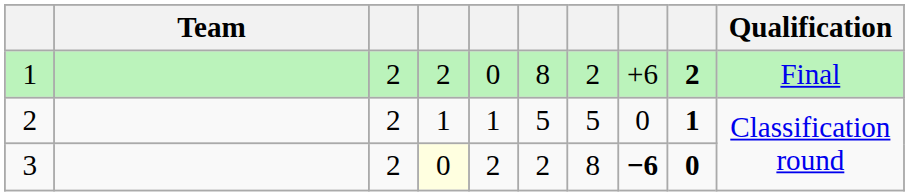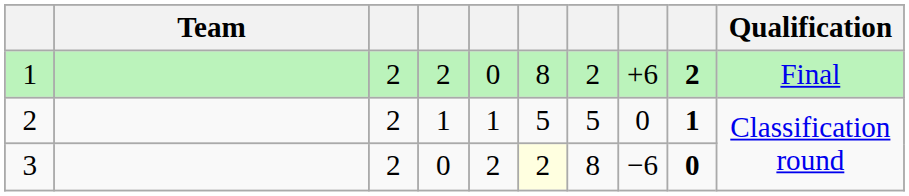 <table class="wikitable" style="text-align:center;">
 <tr>
 <th width=20></th>
 <th width=165>Team</th>
 <th width=20></th>
 <th width=20></th>
 <th width=20></th>
 <th width=20></th>
 <th width=20></th>
 <th width=20></th>
 <th width=20></th>
 <th width=95>Qualification</th>
 </tr>
 <tr bgcolor=bbf3bb>
 <td>1</td>
 <td align="left"></td>
 <td>2</td>
 <td>2</td>
 <td>0</td>
 <td>8</td>
 <td>2</td>
 <td>+6</td>
 <td><strong>2</strong></td>
 <td><a href='#'>Final</a></td>
 </tr>
 <tr>
 <td>2</td>
 <td align="left"></td>
 <td>2</td>
 <td>1</td>
 <td>1</td>
 <td>5</td>
 <td>5</td>
 <td>0</td>
 <td><strong>1</strong></td>
 <td rowspan="2"><a href='#'>Classification round</a></td>
 </tr>
 <tr>
 <td>3</td>
 <td align="left"></td>
 <td>2</td>
-<td style="background: lightyellow;">0</td>
+<td>0</td>
 <td>2</td>
-<td>2</td>
+<td style="background: lightyellow;">2</td>
 <td>8</td>
-<td><strong>−6</strong></td>
+<td>−6</td>
 <td><strong>0</strong></td>
 </tr>
 </table>
